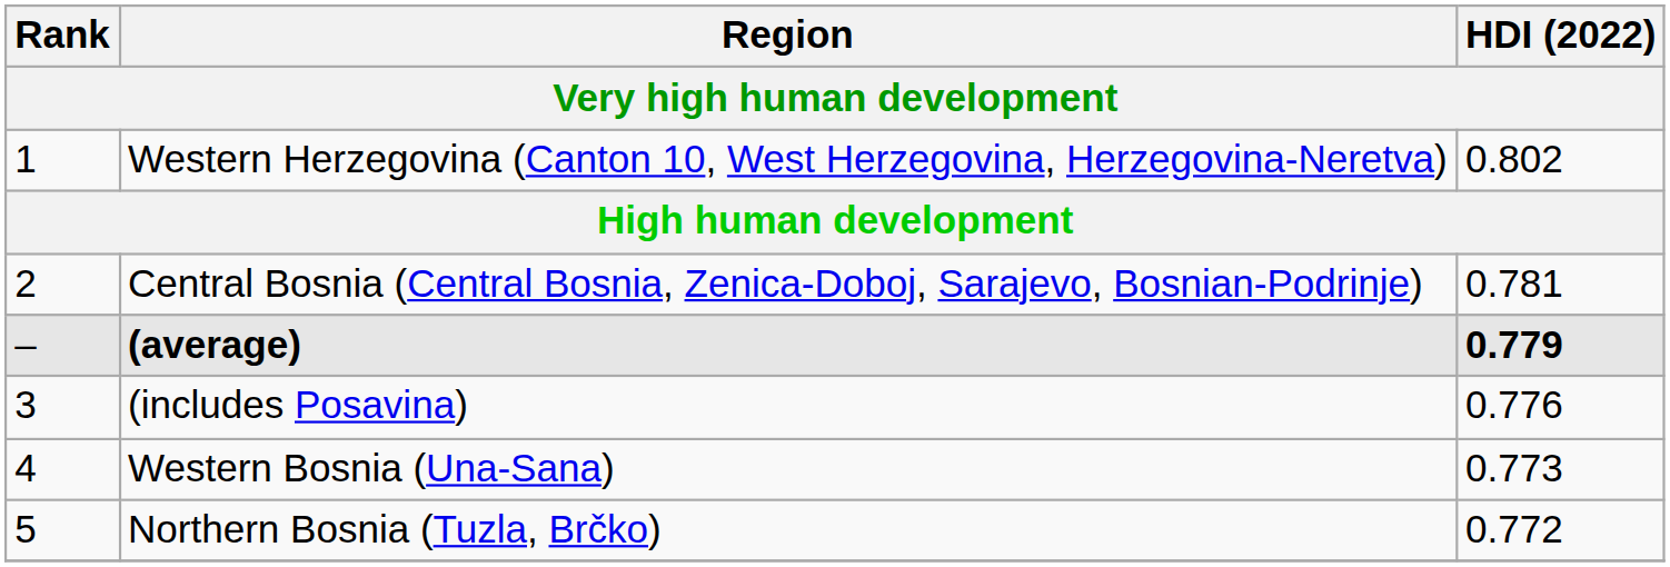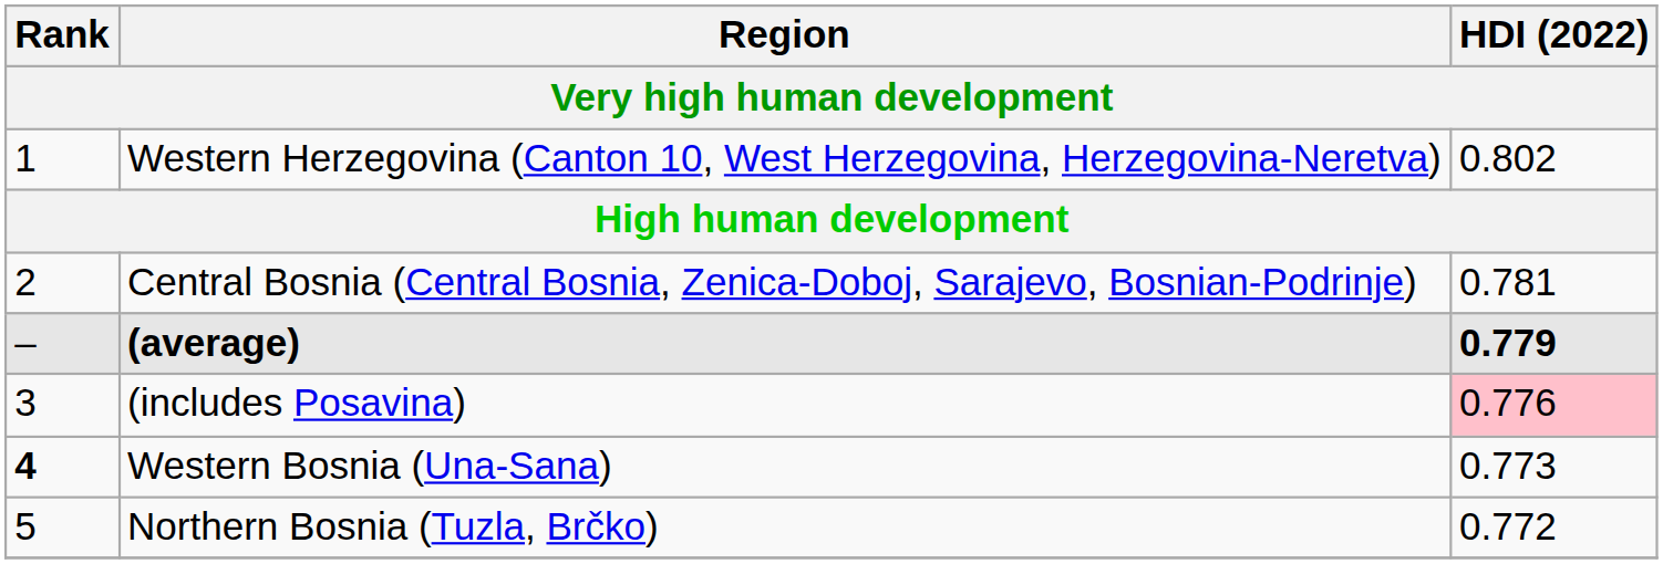 <table class="wikitable sortable">
 <tr>
 <th class="sort">Rank</th>
 <th class="sort">Region</th>
 <th class="sort">HDI (2022)</th>
 </tr>
 <tr>
 <th colspan="3" style="color:#090;">Very high human development</th>
 </tr>
 <tr>
 <td>1</td>
 <td style="text-align:left">Western Herzegovina (<a href='#'>Canton 10</a>, <a href='#'>West Herzegovina</a>, <a href='#'>Herzegovina-Neretva</a>)</td>
 <td>0.802</td>
 </tr>
 <tr>
 <th colspan="3" style="color:#0c0;">High human development</th>
 </tr>
 <tr>
 <td>2</td>
 <td style="text-align:left">Central Bosnia (<a href='#'>Central Bosnia</a>, <a href='#'>Zenica-Doboj</a>, <a href='#'>Sarajevo</a>, <a href='#'>Bosnian-Podrinje</a>)</td>
 <td>0.781</td>
 </tr>
 <tr style="background:#e6e6e6">
 <td>–</td>
 <td style="text-align:left"><strong> (average)</strong></td>
 <td><strong>0.779</strong></td>
 </tr>
 <tr>
 <td>3</td>
 <td style="text-align:left"> (includes <a href='#'>Posavina</a>)</td>
-<td>0.776</td>
+<td style="background: pink;">0.776</td>
 </tr>
 <tr>
-<td>4</td>
+<td><strong>4</strong></td>
 <td style="text-align:left">Western Bosnia (<a href='#'>Una-Sana</a>)</td>
 <td>0.773</td>
 </tr>
 <tr>
 <td>5</td>
 <td style="text-align:left">Northern Bosnia (<a href='#'>Tuzla</a>, <a href='#'>Brčko</a>)</td>
 <td>0.772</td>
 </tr>
 <tr>
 </tr>
 </table>
